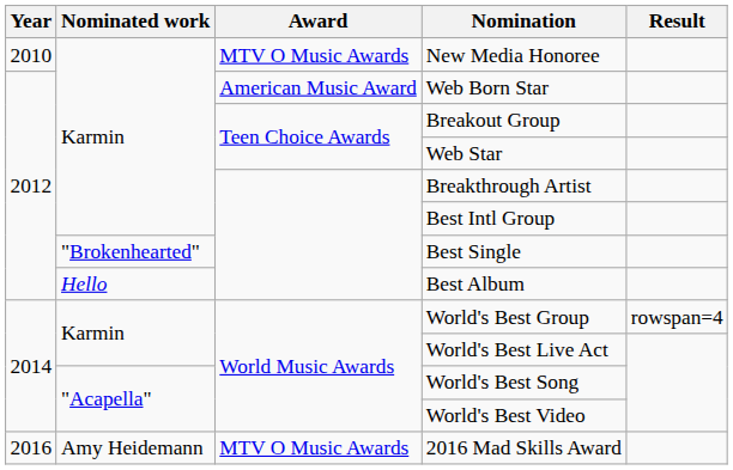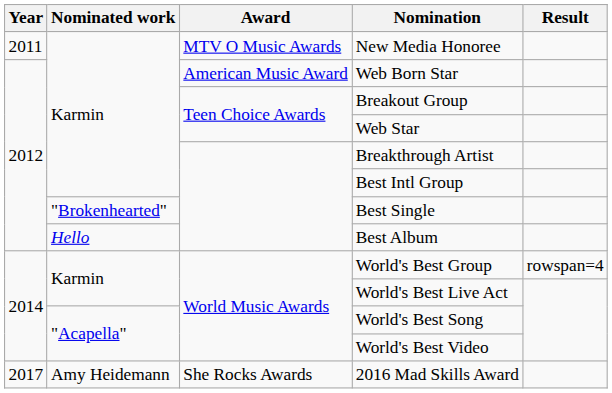 <table class="wikitable">
 <tr>
 <th>Year</th>
 <th>Nominated work</th>
 <th>Award</th>
 <th>Nomination</th>
 <th>Result</th>
 </tr>
 <tr>
-<td>2010</td>
+<td>2011</td>
 <td rowspan="6">Karmin</td>
 <td><a href='#'>MTV O Music Awards</a></td>
 <td>New Media Honoree</td>
 <td></td>
 </tr>
 <tr>
 <td rowspan="7">2012</td>
 <td><a href='#'>American Music Award</a></td>
 <td>Web Born Star</td>
 <td></td>
 </tr>
 <tr>
 <td rowspan="2"><a href='#'>Teen Choice Awards</a></td>
 <td>Breakout Group</td>
 <td></td>
 </tr>
 <tr>
 <td>Web Star</td>
 <td></td>
 </tr>
 <tr>
 <td rowspan="4"></td>
 <td>Breakthrough Artist</td>
 <td></td>
 </tr>
 <tr>
 <td>Best Intl Group</td>
 <td></td>
 </tr>
 <tr>
 <td>"<a href='#'>Brokenhearted</a>"</td>
 <td>Best Single</td>
 <td></td>
 </tr>
 <tr>
 <td><em><a href='#'>Hello</a></em></td>
 <td>Best Album</td>
 <td></td>
 </tr>
 <tr>
 <td rowspan="4">2014</td>
 <td rowspan="2">Karmin</td>
 <td rowspan="4"><a href='#'>World Music Awards</a></td>
 <td>World's Best Group</td>
 <td>rowspan=4 </td>
 </tr>
 <tr>
 <td>World's Best Live Act</td>
 </tr>
 <tr>
 <td rowspan="2">"<a href='#'>Acapella</a>"</td>
 <td>World's Best Song</td>
 </tr>
 <tr>
 <td>World's Best Video</td>
 </tr>
 <tr>
-<td>2016</td>
+<td>2017</td>
 <td>Amy Heidemann</td>
-<td><a href='#'>MTV O Music Awards</a></td>
+<td>She Rocks Awards</td>
 <td>2016 Mad Skills Award</td>
 <td></td>
 </tr>
 </table>
